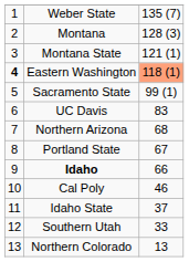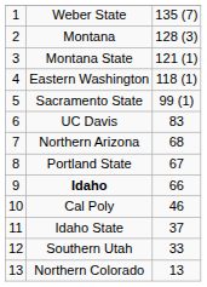 <table class="wikitable" style="display: inline-table;">
 <tr align="center">
 </tr>
 <tr align="center">
 <td>1</td>
 <td>Weber State</td>
 <td>135 (7)</td>
 </tr>
 <tr align="center">
 <td>2</td>
 <td>Montana</td>
 <td>128 (3)</td>
 </tr>
 <tr align="center">
 <td>3</td>
 <td>Montana State</td>
 <td>121 (1)</td>
 </tr>
 <tr align="center">
-<td><strong>4</strong></td>
+<td>4</td>
 <td>Eastern Washington</td>
-<td style="background: lightsalmon;">118 (1)</td>
+<td>118 (1)</td>
 </tr>
 <tr align="center">
 <td>5</td>
 <td>Sacramento State</td>
 <td>99 (1)</td>
 </tr>
 <tr align="center">
 <td>6</td>
 <td>UC Davis</td>
 <td>83</td>
 </tr>
 <tr align="center">
 <td>7</td>
 <td>Northern Arizona</td>
 <td>68</td>
 </tr>
 <tr align="center">
 <td>8</td>
 <td>Portland State</td>
 <td>67</td>
 </tr>
 <tr align="center">
 <td>9</td>
 <td><strong>Idaho</strong></td>
 <td>66</td>
 </tr>
 <tr align="center">
 <td>10</td>
 <td>Cal Poly</td>
 <td>46</td>
 </tr>
 <tr align="center">
 <td>11</td>
 <td>Idaho State</td>
 <td>37</td>
 </tr>
 <tr align="center">
 <td>12</td>
 <td>Southern Utah</td>
 <td>33</td>
 </tr>
 <tr align="center">
 <td>13</td>
 <td>Northern Colorado</td>
 <td>13</td>
 </tr>
 </table>
